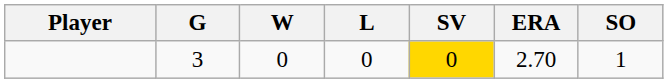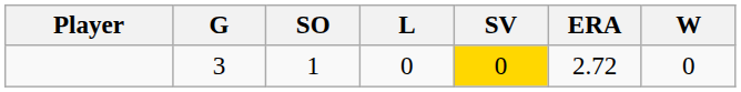 <table class="wikitable sortable">
 <tr>
 <th bgcolor="#DDDDFF" width="16%">Player</th>
 <th bgcolor="#DDDDFF" width="9%">G</th>
-<th bgcolor="#DDDDFF" width="9%">W</th>
+<th bgcolor="#DDDDFF" width="9%">SO</th>
 <th bgcolor="#DDDDFF" width="9%">L</th>
 <th bgcolor="#DDDDFF" width="9%">SV</th>
 <th bgcolor="#DDDDFF" width="9%">ERA</th>
-<th bgcolor="#DDDDFF" width="9%">SO</th>
+<th bgcolor="#DDDDFF" width="9%">W</th>
 </tr>
 <tr align="center">
 <td></td>
 <td>3</td>
-<td>0</td>
+<td>1</td>
 <td>0</td>
 <td style="background: gold;">0</td>
-<td>2.70</td>
-<td>1</td>
+<td>2.72</td>
+<td>0</td>
 </tr>
 </table>
